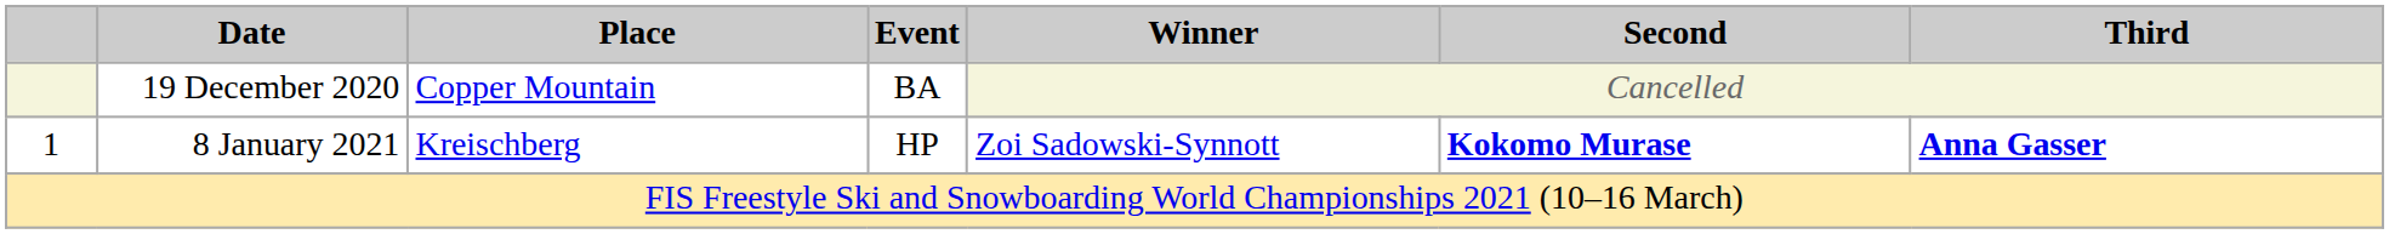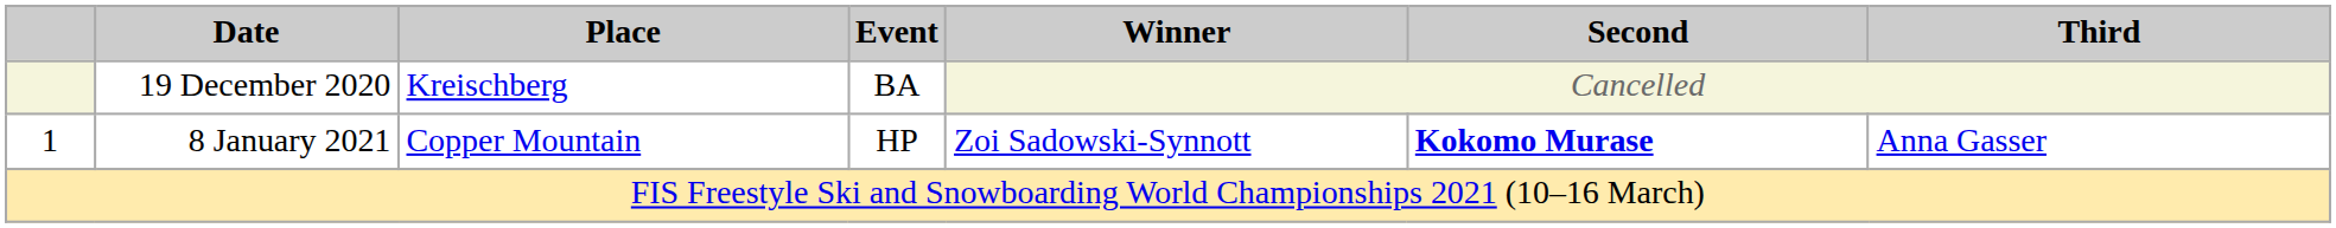 <table class="wikitable plainrowheaders" style="background:#fff; font-size:86%; line-height:16px; border:grey solid 1px; border-collapse:collapse;">
 <tr>
 <th scope="col" style="background:#ccc; width:30px;"></th>
 <th scope="col" style="background:#ccc; width:120px;">Date</th>
 <th scope="col" style="background:#ccc; width:180px;">Place</th>
 <th scope="col" style="background:#ccc; width:30px;">Event</th>
 <th scope="col" style="background:#ccc; width:185px;">Winner</th>
 <th scope="col" style="background:#ccc; width:185px;">Second</th>
 <th scope="col" style="background:#ccc; width:185px;">Third</th>
 </tr>
 <tr>
 <td bgcolor="F5F5DC"></td>
 <td align="right">19 December 2020</td>
-<td> <a href='#'>Copper Mountain</a></td>
+<td> <a href='#'>Kreischberg</a></td>
 <td align="center">BA</td>
 <td colspan=5 align=center bgcolor="F5F5DC" style=color:#696969><em>Cancelled</em></td>
 </tr>
 <tr>
 <td align="center">1</td>
 <td align="right">8 January 2021</td>
-<td> <a href='#'>Kreischberg</a></td>
+<td> <a href='#'>Copper Mountain</a></td>
 <td align="center">HP</td>
 <td> <a href='#'>Zoi Sadowski-Synnott</a></td>
 <td><strong> <a href='#'>Kokomo Murase</a></strong></td>
-<td><strong> <a href='#'>Anna Gasser</a></strong></td>
+<td> <a href='#'>Anna Gasser</a></td>
 </tr>
 <tr style="background:#FFEBAD">
 <td align="center" colspan="7"><a href='#'>FIS Freestyle Ski and Snowboarding World Championships 2021</a>  (10–16 March)</td>
 </tr>
 </table>
